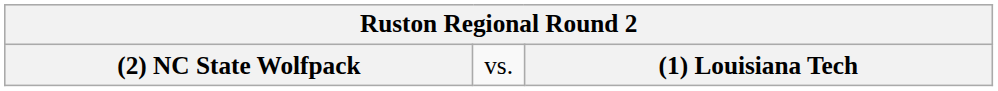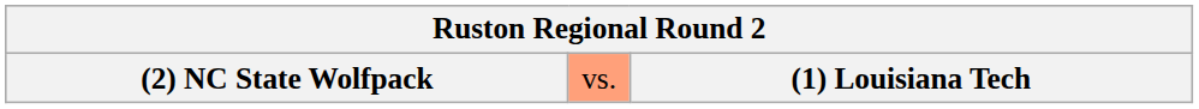 <table class="wikitable">
 <tr>
 <th style="width: 604px;" colspan=3>Ruston Regional Round 2</th>
 </tr>
 <tr>
 <th style="width: 289px; ">(2) NC State Wolfpack</th>
-<td style="width: 25px; text-align:center">vs.</td>
+<td style="background: lightsalmon; width: 25px; text-align:center">vs.</td>
 <th style="width: 289px; ">(1) Louisiana Tech</th>
 </tr>
 </table>
